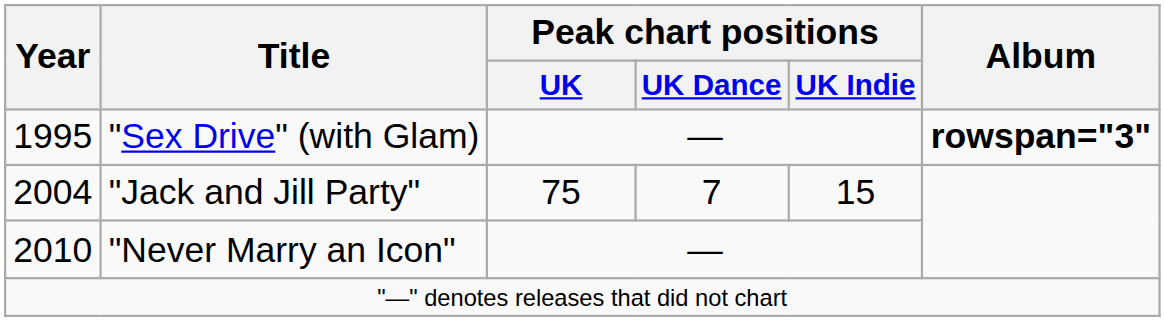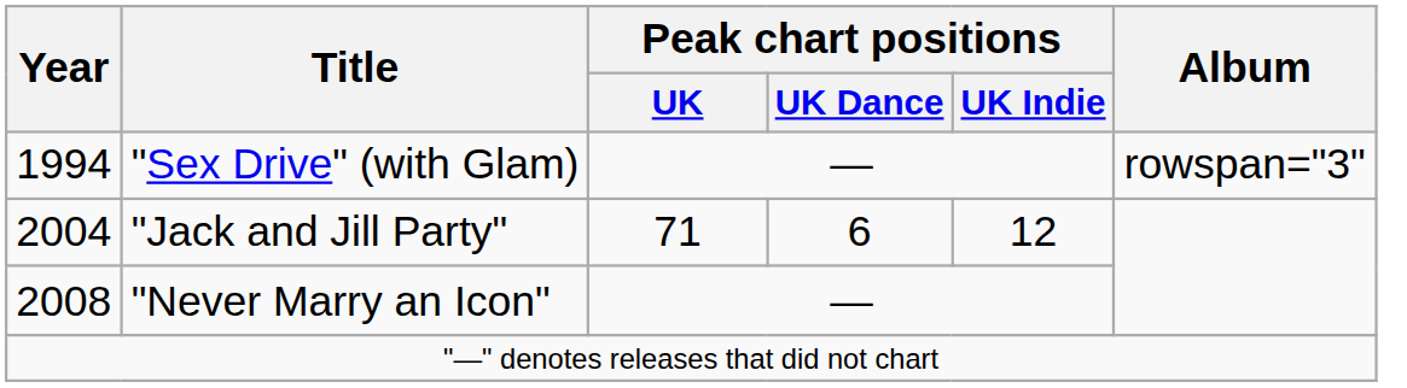 <table class="wikitable" style="text-align:center;">
 <tr>
 <th rowspan="2">Year</th>
 <th rowspan="2">Title</th>
 <th colspan="3">Peak chart positions</th>
 <th rowspan="2">Album</th>
 </tr>
 <tr style="font-size:smaller;">
 <th style="width:60px;"><a href='#'>UK</a><br></th>
 <th><a href='#'>UK Dance</a><br></th>
 <th><a href='#'>UK Indie</a><br></th>
 </tr>
 <tr>
-<td>1995</td>
+<td>1994</td>
 <td style="text-align:left;">"<a href='#'>Sex Drive</a>" (with Glam)</td>
 <td colspan="3">—</td>
-<td><strong>rowspan="3" </strong></td>
+<td>rowspan="3" </td>
 </tr>
 <tr>
 <td>2004</td>
 <td style="text-align:left;">"Jack and Jill Party"</td>
-<td>75</td>
-<td>7</td>
-<td>15</td>
+<td>71</td>
+<td>6</td>
+<td>12</td>
 </tr>
 <tr>
-<td>2010</td>
+<td>2008</td>
 <td style="text-align:left;">"Never Marry an Icon"</td>
 <td colspan="3">—</td>
 </tr>
 <tr>
 <td colspan="6" style="font-size:8pt">"—" denotes releases that did not chart</td>
 </tr>
 </table>
